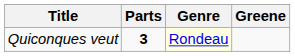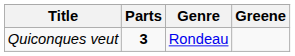 <table class = "wikitable sortable plainrowheaders">
 <tr>
 </tr>
 <tr>
 <th scope="col">Title</th>
 <th scope="col">Parts</th>
 <th scope="col">Genre</th>
 <th scope="col">Greene</th>
 </tr>
 <tr>
 <td><em>Quiconques veut</em></td>
 <td style="text-align: center;"><strong>3</strong></td>
-<td style="background: lightyellow;"><a href='#'>Rondeau</a></td>
+<td><a href='#'>Rondeau</a></td>
 <td> </td>
 </tr>
 </table>
